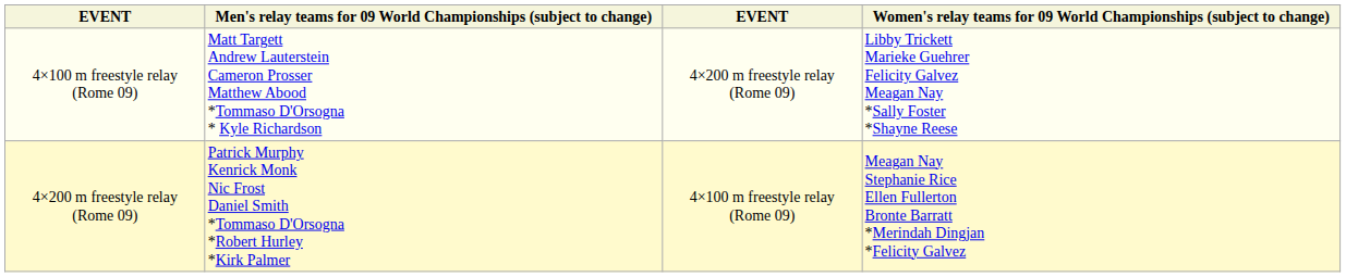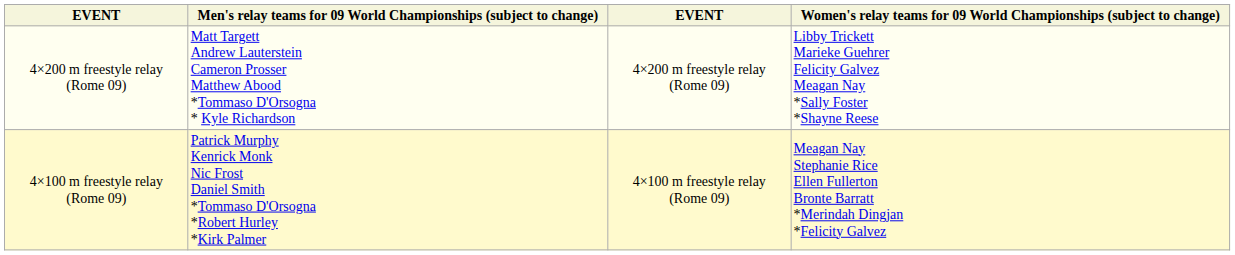 <table border=1 align=center width=100% cellpadding=2 cellspacing=2 style="background: ivory; font-size: 90%; border: 1px #aaaaaa solid; border-collapse: collapse; clear:center">
 <tr style="background:beige">
 <th width=15%>EVENT</th>
 <th>Men's relay teams for 09 World Championships (subject to change)</th>
 <th width=15%>EVENT</th>
 <th>Women's relay teams for 09 World Championships (subject to change)</th>
 </tr>
 <tr>
-<td align="center">4×100 m freestyle relay <br> (Rome 09)</td>
+<td align="center">4×200 m freestyle relay <br> (Rome 09)</td>
 <td><a href='#'>Matt Targett</a> <br> <a href='#'>Andrew Lauterstein</a> <br> <a href='#'>Cameron Prosser</a> <br> <a href='#'>Matthew Abood</a> <br> *<a href='#'>Tommaso D'Orsogna</a> <br>* <a href='#'>Kyle Richardson</a></td>
 <td align="center">4×200 m freestyle relay <br> (Rome 09)</td>
 <td><a href='#'>Libby Trickett</a> <br> <a href='#'>Marieke Guehrer</a> <br> <a href='#'>Felicity Galvez</a> <br> <a href='#'>Meagan Nay</a> <br> *<a href='#'>Sally Foster</a> <br> *<a href='#'>Shayne Reese</a></td>
 </tr>
 <tr style="background:lemonchiffon">
-<td align="center">4×200 m freestyle relay <br> (Rome 09)</td>
+<td align="center">4×100 m freestyle relay <br> (Rome 09)</td>
 <td><a href='#'>Patrick Murphy</a> <br> <a href='#'>Kenrick Monk</a> <br> <a href='#'>Nic Frost</a> <br> <a href='#'>Daniel Smith</a><br> *<a href='#'>Tommaso D'Orsogna</a> <br> *<a href='#'>Robert Hurley</a>  <br> *<a href='#'>Kirk Palmer</a></td>
 <td align="center">4×100 m freestyle relay <br> (Rome 09)</td>
 <td><a href='#'>Meagan Nay</a> <br> <a href='#'>Stephanie Rice</a> <br> <a href='#'>Ellen Fullerton</a> <br> <a href='#'>Bronte Barratt</a> <br> *<a href='#'>Merindah Dingjan</a> <br> *<a href='#'>Felicity Galvez</a></td>
 </tr>
 </table>
